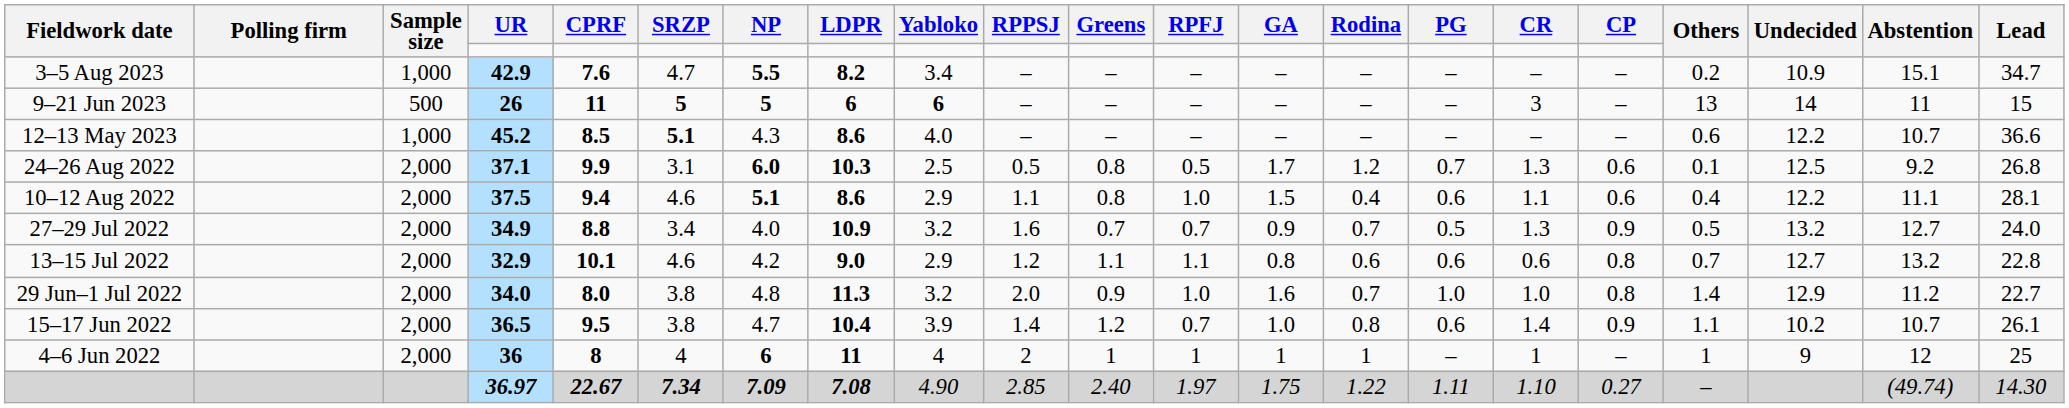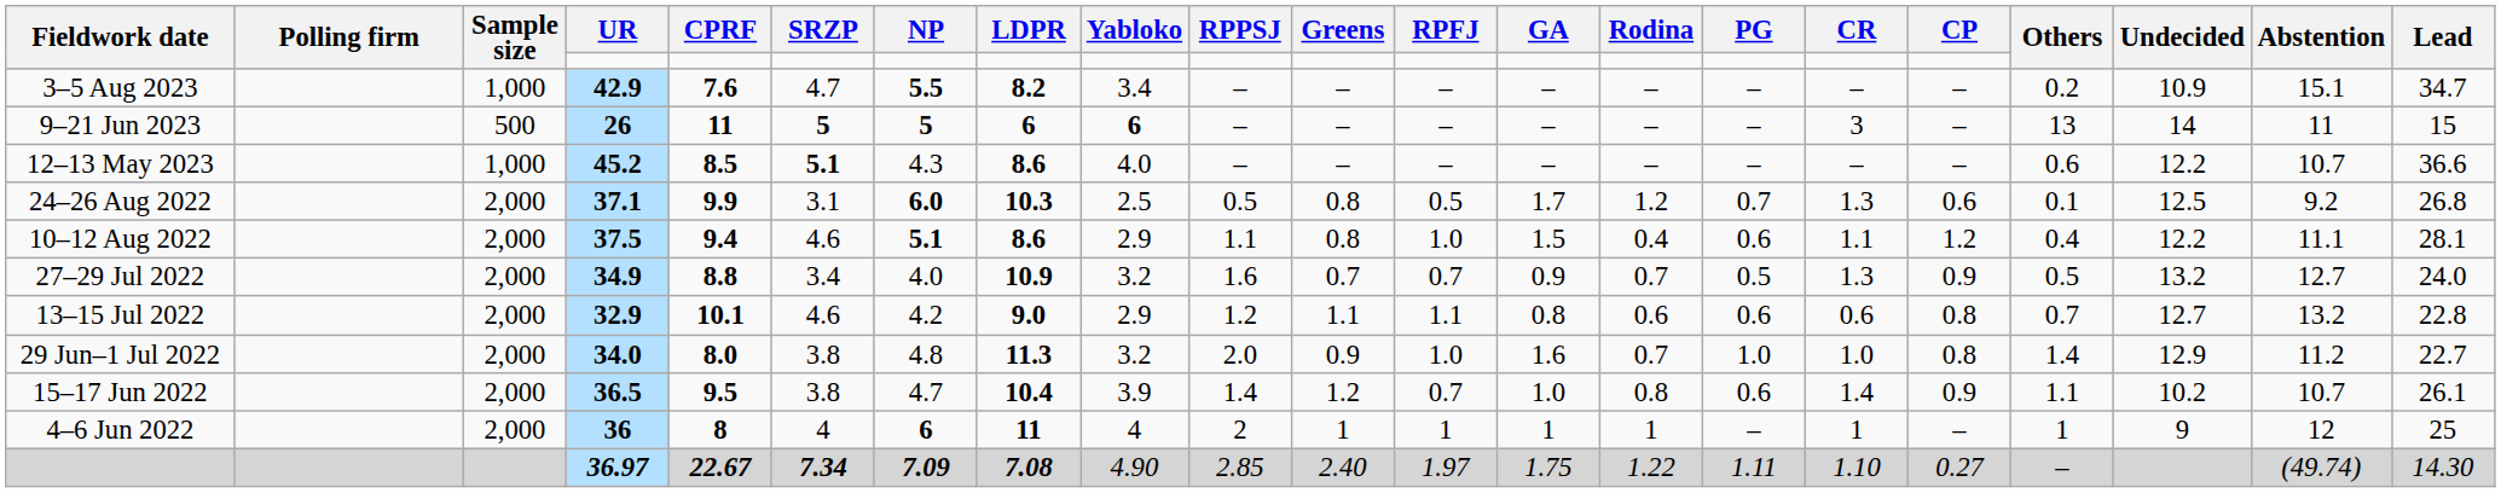 <table class=wikitable style="font-size:95%; line-height:14px; text-align:center">
 <tr>
 <th style=width:120px; rowspan=2>Fieldwork date</th>
 <th style=width:120px; rowspan=2>Polling firm</th>
 <th style=width:50px; rowspan=2>Sample<br>size</th>
 <th style="width:50px;"><a href='#'>UR</a></th>
 <th style="width:50px;"><a href='#'>CPRF</a></th>
 <th style="width:50px;"><a href='#'>SRZP</a></th>
 <th style="width:50px;"><a href='#'>NP</a></th>
 <th style="width:50px;"><a href='#'>LDPR</a></th>
 <th style="width:50px;"><a href='#'>Yabloko</a></th>
 <th style="width:50px;"><a href='#'>RPPSJ</a></th>
 <th style="width:50px;"><a href='#'>Greens</a></th>
 <th style="width:50px;"><a href='#'>RPFJ</a></th>
 <th style="width:50px;"><a href='#'>GA</a></th>
 <th style="width:50px;"><a href='#'>Rodina</a></th>
 <th style="width:50px;"><a href='#'>PG</a></th>
 <th style="width:50px;"><a href='#'>CR</a></th>
 <th style="width:50px;"><a href='#'>CP</a></th>
 <th style="width:50px;" rowspan=2>Others</th>
 <th style="width:50px;" rowspan=2>Undecided</th>
 <th style="width:50px;" rowspan=2>Abstention</th>
 <th style="width:50px;" rowspan="2">Lead</th>
 </tr>
 <tr>
 <td bgcolor=></td>
 <td bgcolor=></td>
 <td bgcolor=></td>
 <td bgcolor=></td>
 <td bgcolor=></td>
 <td bgcolor=></td>
 <td bgcolor=></td>
 <td bgcolor=></td>
 <td bgcolor=></td>
 <td bgcolor=></td>
 <td bgcolor=></td>
 <td bgcolor=></td>
 <td bgcolor=></td>
 <td bgcolor=></td>
 </tr>
 <tr>
 <td>3–5 Aug 2023</td>
 <td></td>
 <td>1,000</td>
 <td style="background:#B3E0FF"><strong>42.9</strong></td>
 <td><strong>7.6</strong></td>
 <td>4.7</td>
 <td><strong>5.5</strong></td>
 <td><strong>8.2</strong></td>
 <td>3.4</td>
 <td>–</td>
 <td>–</td>
 <td>–</td>
 <td>–</td>
 <td>–</td>
 <td>–</td>
 <td>–</td>
 <td>–</td>
 <td>0.2</td>
 <td>10.9</td>
 <td>15.1</td>
 <td style="background:">34.7</td>
 </tr>
 <tr>
 <td>9–21 Jun 2023</td>
 <td></td>
 <td>500</td>
 <td style="background:#B3E0FF"><strong>26</strong></td>
 <td><strong>11</strong></td>
 <td><strong>5</strong></td>
 <td><strong>5</strong></td>
 <td><strong>6</strong></td>
 <td><strong>6</strong></td>
 <td>–</td>
 <td>–</td>
 <td>–</td>
 <td>–</td>
 <td>–</td>
 <td>–</td>
 <td>3</td>
 <td>–</td>
 <td>13</td>
 <td>14</td>
 <td>11</td>
 <td style="background:">15</td>
 </tr>
 <tr>
 <td>12–13 May 2023</td>
 <td></td>
 <td>1,000</td>
 <td style="background:#B3E0FF"><strong>45.2</strong></td>
 <td><strong>8.5</strong></td>
 <td><strong>5.1</strong></td>
 <td>4.3</td>
 <td><strong>8.6</strong></td>
 <td>4.0</td>
 <td>–</td>
 <td>–</td>
 <td>–</td>
 <td>–</td>
 <td>–</td>
 <td>–</td>
 <td>–</td>
 <td>–</td>
 <td>0.6</td>
 <td>12.2</td>
 <td>10.7</td>
 <td style="background:">36.6</td>
 </tr>
 <tr>
 <td>24–26 Aug 2022</td>
 <td></td>
 <td>2,000</td>
 <td style="background:#B3E0FF"><strong>37.1</strong></td>
 <td><strong>9.9</strong></td>
 <td>3.1</td>
 <td><strong>6.0</strong></td>
 <td><strong>10.3</strong></td>
 <td>2.5</td>
 <td>0.5</td>
 <td>0.8</td>
 <td>0.5</td>
 <td>1.7</td>
 <td>1.2</td>
 <td>0.7</td>
 <td>1.3</td>
 <td>0.6</td>
 <td>0.1</td>
 <td>12.5</td>
 <td>9.2</td>
 <td style="background:">26.8</td>
 </tr>
 <tr>
 <td>10–12 Aug 2022</td>
 <td></td>
 <td>2,000</td>
 <td style="background:#B3E0FF"><strong>37.5</strong></td>
 <td><strong>9.4</strong></td>
 <td>4.6</td>
 <td><strong>5.1</strong></td>
 <td><strong>8.6</strong></td>
 <td>2.9</td>
 <td>1.1</td>
 <td>0.8</td>
 <td>1.0</td>
 <td>1.5</td>
 <td>0.4</td>
 <td>0.6</td>
 <td>1.1</td>
-<td>0.6</td>
+<td>1.2</td>
 <td>0.4</td>
 <td>12.2</td>
 <td>11.1</td>
 <td style="background:">28.1</td>
 </tr>
 <tr>
 <td>27–29 Jul 2022</td>
 <td></td>
 <td>2,000</td>
 <td style="background:#B3E0FF"><strong>34.9</strong></td>
 <td><strong>8.8</strong></td>
 <td>3.4</td>
 <td>4.0</td>
 <td><strong>10.9</strong></td>
 <td>3.2</td>
 <td>1.6</td>
 <td>0.7</td>
 <td>0.7</td>
 <td>0.9</td>
 <td>0.7</td>
 <td>0.5</td>
 <td>1.3</td>
 <td>0.9</td>
 <td>0.5</td>
 <td>13.2</td>
 <td>12.7</td>
 <td style="background:">24.0</td>
 </tr>
 <tr>
 <td>13–15 Jul 2022</td>
 <td></td>
 <td>2,000</td>
 <td style="background:#B3E0FF"><strong>32.9</strong></td>
 <td><strong>10.1</strong></td>
 <td>4.6</td>
 <td>4.2</td>
 <td><strong>9.0</strong></td>
 <td>2.9</td>
 <td>1.2</td>
 <td>1.1</td>
 <td>1.1</td>
 <td>0.8</td>
 <td>0.6</td>
 <td>0.6</td>
 <td>0.6</td>
 <td>0.8</td>
 <td>0.7</td>
 <td>12.7</td>
 <td>13.2</td>
 <td style="background:">22.8</td>
 </tr>
 <tr>
 <td>29 Jun–1 Jul 2022</td>
 <td></td>
 <td>2,000</td>
 <td style="background:#B3E0FF"><strong>34.0</strong></td>
 <td><strong>8.0</strong></td>
 <td>3.8</td>
 <td>4.8</td>
 <td><strong>11.3</strong></td>
 <td>3.2</td>
 <td>2.0</td>
 <td>0.9</td>
 <td>1.0</td>
 <td>1.6</td>
 <td>0.7</td>
 <td>1.0</td>
 <td>1.0</td>
 <td>0.8</td>
 <td>1.4</td>
 <td>12.9</td>
 <td>11.2</td>
 <td style="background:">22.7</td>
 </tr>
 <tr>
 <td>15–17 Jun 2022</td>
 <td></td>
 <td>2,000</td>
 <td style="background:#B3E0FF"><strong>36.5</strong></td>
 <td><strong>9.5</strong></td>
 <td>3.8</td>
 <td>4.7</td>
 <td><strong>10.4</strong></td>
 <td>3.9</td>
 <td>1.4</td>
 <td>1.2</td>
 <td>0.7</td>
 <td>1.0</td>
 <td>0.8</td>
 <td>0.6</td>
 <td>1.4</td>
 <td>0.9</td>
 <td>1.1</td>
 <td>10.2</td>
 <td>10.7</td>
 <td style="background:">26.1</td>
 </tr>
 <tr>
 <td>4–6 Jun 2022</td>
 <td></td>
 <td>2,000</td>
 <td style="background:#B3E0FF"><strong>36</strong></td>
 <td><strong>8</strong></td>
 <td>4</td>
 <td><strong>6</strong></td>
 <td><strong>11</strong></td>
 <td>4</td>
 <td>2</td>
 <td>1</td>
 <td>1</td>
 <td>1</td>
 <td>1</td>
 <td>–</td>
 <td>1</td>
 <td>–</td>
 <td>1</td>
 <td>9</td>
 <td>12</td>
 <td style="background:">25</td>
 </tr>
 <tr style="background:#D5D5D5">
 <td></td>
 <td></td>
 <td></td>
 <td style="background:#B3E0FF"><strong><em>36.97</em></strong></td>
 <td><strong><em>22.67</em></strong></td>
 <td><strong><em>7.34</em></strong></td>
 <td><strong><em>7.09</em></strong></td>
 <td><strong><em>7.08</em></strong></td>
 <td><em>4.90</em></td>
 <td><em>2.85</em></td>
 <td><em>2.40</em></td>
 <td><em>1.97</em></td>
 <td><em>1.75</em></td>
 <td><em>1.22</em></td>
 <td><em>1.11</em></td>
 <td><em>1.10</em></td>
 <td><em>0.27</em></td>
 <td>–</td>
 <td></td>
 <td><em>(49.74)</em></td>
 <td style="background:"><em>14.30</em></td>
 </tr>
 </table>
